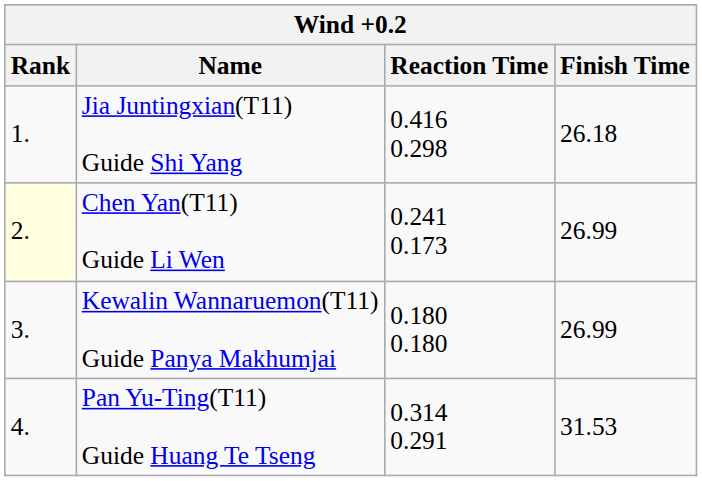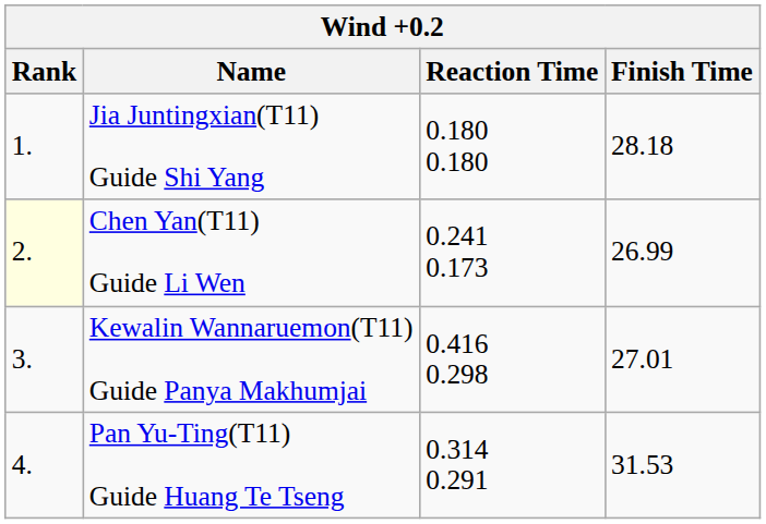 <table class="wikitable">
 <tr>
 <th colspan="4">Wind +0.2</th>
 </tr>
 <tr>
 <th>Rank</th>
 <th>Name</th>
 <th>Reaction Time</th>
 <th>Finish Time</th>
 </tr>
 <tr>
 <td>1.</td>
 <td><a href='#'>Jia Juntingxian</a>(T11)<br><br>Guide <a href='#'>Shi Yang</a><br> </td>
-<td>0.416<br>0.298</td>
-<td>26.18</td>
+<td>0.180<br>0.180</td>
+<td>28.18</td>
 </tr>
 <tr>
 <td style="background: lightyellow;">2.</td>
 <td><a href='#'>Chen Yan</a>(T11)<br><br>Guide <a href='#'>Li Wen</a><br> </td>
 <td>0.241<br>0.173</td>
 <td>26.99</td>
 </tr>
 <tr>
 <td>3.</td>
 <td><a href='#'>Kewalin Wannaruemon</a>(T11)<br><br>Guide <a href='#'>Panya Makhumjai</a><br> </td>
-<td>0.180<br>0.180</td>
-<td>26.99</td>
+<td>0.416<br>0.298</td>
+<td>27.01</td>
 </tr>
 <tr>
 <td>4.</td>
 <td><a href='#'>Pan Yu-Ting</a>(T11)<br><br>Guide <a href='#'>Huang Te Tseng</a><br> </td>
 <td>0.314<br>0.291</td>
 <td>31.53</td>
 </tr>
 </table>
